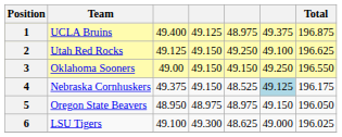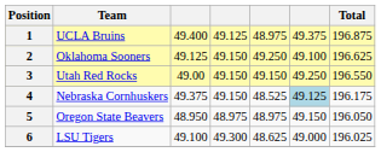 <table class="wikitable sortable" style="text-align:center; font-size:95%">
 <tr>
 <th scope=col>Position</th>
 <th scope=col>Team</th>
 <th scope=col></th>
 <th scope=col></th>
 <th scope=col></th>
 <th scope=col></th>
 <th scope=col>Total</th>
 </tr>
 <tr bgcolor=fffcaf>
 <th scope=row>1</th>
 <td align=left><a href='#'>UCLA Bruins</a></td>
 <td>49.400</td>
 <td>49.125</td>
 <td>48.975</td>
 <td>49.375</td>
 <td>196.875</td>
 </tr>
 <tr bgcolor=fffcaf>
 <th scope=row>2</th>
-<td align=left><a href='#'>Utah Red Rocks</a></td>
+<td align=left><a href='#'>Oklahoma Sooners</a></td>
 <td>49.125</td>
 <td>49.150</td>
 <td>49.250</td>
 <td>49.100</td>
 <td>196.625</td>
 </tr>
 <tr bgcolor=fffcaf>
 <th scope=row>3</th>
-<td align=left><a href='#'>Oklahoma Sooners</a></td>
+<td align=left><a href='#'>Utah Red Rocks</a></td>
 <td>49.00</td>
 <td>49.150</td>
 <td>49.150</td>
 <td>49.250</td>
 <td>196.550</td>
 </tr>
 <tr>
 <th scope=row>4</th>
 <td align=left><a href='#'>Nebraska Cornhuskers</a></td>
 <td>49.375</td>
 <td>49.150</td>
 <td>48.525</td>
 <td style="background: lightblue;">49.125</td>
 <td>196.175</td>
 </tr>
 <tr>
 <th scope=row>5</th>
 <td align=left><a href='#'>Oregon State Beavers</a></td>
 <td>48.950</td>
 <td>48.975</td>
 <td>48.975</td>
 <td>49.150</td>
 <td>196.050</td>
 </tr>
 <tr>
 <th scope=row>6</th>
 <td align=left><a href='#'>LSU Tigers</a></td>
 <td>49.100</td>
 <td>49.300</td>
 <td>48.625</td>
 <td>49.000</td>
 <td>196.025</td>
 </tr>
 <tr>
 </tr>
 </table>
